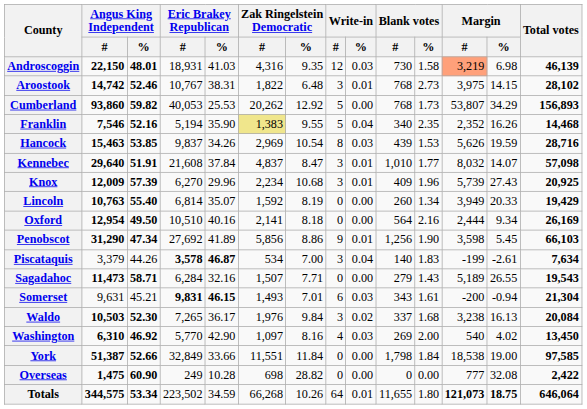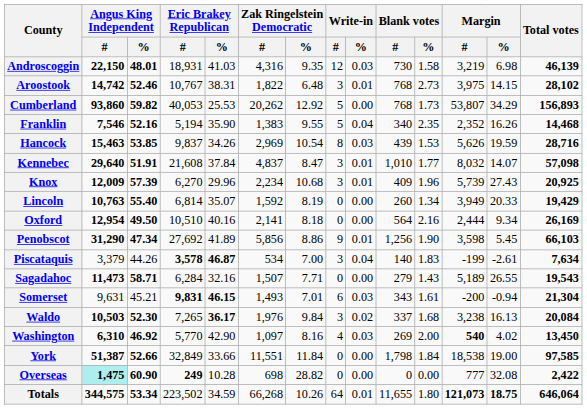 <table class="wikitable sortable" style="text-align:right">
 <tr>
 <th rowspan="2">County</th>
 <th colspan="2"><a href='#'>Angus King</a><br><a href='#'>Independent</a></th>
 <th colspan="2"><a href='#'>Eric Brakey</a><br><a href='#'>Republican</a></th>
 <th colspan="2">Zak Ringelstein<br><a href='#'>Democratic</a></th>
 <th colspan="2">Write-in</th>
 <th colspan="2">Blank votes</th>
 <th colspan="2">Margin</th>
 <th rowspan="2">Total votes</th>
 </tr>
 <tr>
 <th data-sort-type="number" style="text-align:center;">#</th>
 <th data-sort-type="number" style="text-align:center;">%</th>
 <th data-sort-type="number" style="text-align:center;">#</th>
 <th data-sort-type="number" style="text-align:center;">%</th>
 <th data-sort-type="number" style="text-align:center;">#</th>
 <th data-sort-type="number" style="text-align:center;">%</th>
 <th data-sort-type="number" style="text-align:center;">#</th>
 <th data-sort-type="number" style="text-align:center;">%</th>
 <th data-sort-type="number" style="text-align:center;">#</th>
 <th data-sort-type="number" style="text-align:center;">%</th>
 <th data-sort-type="number" style="text-align:center;">#</th>
 <th data-sort-type="number" style="text-align:center;">%</th>
 </tr>
 <tr>
 <th><a href='#'>Androscoggin</a></th>
 <td><strong>22,150</strong></td>
 <td><strong>48.01</strong></td>
 <td>18,931</td>
 <td>41.03</td>
 <td>4,316</td>
 <td>9.35</td>
 <td>12</td>
 <td>0.03</td>
 <td>730</td>
 <td>1.58</td>
-<td style="background: lightsalmon;">3,219</td>
+<td>3,219</td>
 <td>6.98</td>
 <td><strong>46,139</strong></td>
 </tr>
 <tr>
 <th><a href='#'>Aroostook</a></th>
 <td><strong>14,742</strong></td>
 <td><strong>52.46</strong></td>
 <td>10,767</td>
 <td>38.31</td>
 <td>1,822</td>
 <td>6.48</td>
 <td>3</td>
 <td>0.01</td>
 <td>768</td>
 <td>2.73</td>
 <td>3,975</td>
 <td>14.15</td>
 <td><strong>28,102</strong></td>
 </tr>
 <tr>
 <th><a href='#'>Cumberland</a></th>
 <td><strong>93,860</strong></td>
 <td><strong>59.82</strong></td>
 <td>40,053</td>
 <td>25.53</td>
 <td>20,262</td>
 <td>12.92</td>
 <td>5</td>
 <td>0.00</td>
 <td>768</td>
 <td>1.73</td>
 <td>53,807</td>
 <td>34.29</td>
 <td><strong>156,893</strong></td>
 </tr>
 <tr>
 <th><a href='#'>Franklin</a></th>
 <td><strong>7,546</strong></td>
 <td><strong>52.16</strong></td>
 <td>5,194</td>
 <td>35.90</td>
-<td style="background: khaki;">1,383</td>
+<td>1,383</td>
 <td>9.55</td>
 <td>5</td>
 <td>0.04</td>
 <td>340</td>
 <td>2.35</td>
 <td>2,352</td>
 <td>16.26</td>
 <td><strong>14,468</strong></td>
 </tr>
 <tr>
 <th><a href='#'>Hancock</a></th>
 <td><strong>15,463</strong></td>
 <td><strong>53.85</strong></td>
 <td>9,837</td>
 <td>34.26</td>
 <td>2,969</td>
 <td>10.54</td>
 <td>8</td>
 <td>0.03</td>
 <td>439</td>
 <td>1.53</td>
 <td>5,626</td>
 <td>19.59</td>
 <td><strong>28,716</strong></td>
 </tr>
 <tr>
 <th><a href='#'>Kennebec</a></th>
 <td><strong>29,640</strong></td>
 <td><strong>51.91</strong></td>
 <td>21,608</td>
 <td>37.84</td>
 <td>4,837</td>
 <td>8.47</td>
 <td>3</td>
 <td>0.01</td>
 <td>1,010</td>
 <td>1.77</td>
 <td>8,032</td>
 <td>14.07</td>
 <td><strong>57,098</strong></td>
 </tr>
 <tr>
 <th><a href='#'>Knox</a></th>
 <td><strong>12,009</strong></td>
 <td><strong>57.39</strong></td>
 <td>6,270</td>
 <td>29.96</td>
 <td>2,234</td>
 <td>10.68</td>
 <td>3</td>
 <td>0.01</td>
 <td>409</td>
 <td>1.96</td>
 <td>5,739</td>
 <td>27.43</td>
 <td><strong>20,925</strong></td>
 </tr>
 <tr>
 <th><a href='#'>Lincoln</a></th>
 <td><strong>10,763</strong></td>
 <td><strong>55.40</strong></td>
 <td>6,814</td>
 <td>35.07</td>
 <td>1,592</td>
 <td>8.19</td>
 <td>0</td>
 <td>0.00</td>
 <td>260</td>
 <td>1.34</td>
 <td>3,949</td>
 <td>20.33</td>
 <td><strong>19,429</strong></td>
 </tr>
 <tr>
 <th><a href='#'>Oxford</a></th>
 <td><strong>12,954</strong></td>
 <td><strong>49.50</strong></td>
 <td>10,510</td>
 <td>40.16</td>
 <td>2,141</td>
 <td>8.18</td>
 <td>0</td>
 <td>0.00</td>
 <td>564</td>
 <td>2.16</td>
 <td>2,444</td>
 <td>9.34</td>
 <td><strong>26,169</strong></td>
 </tr>
 <tr>
 <th><a href='#'>Penobscot</a></th>
 <td><strong>31,290</strong></td>
 <td><strong>47.34</strong></td>
 <td>27,692</td>
 <td>41.89</td>
 <td>5,856</td>
 <td>8.86</td>
 <td>9</td>
 <td>0.01</td>
 <td>1,256</td>
 <td>1.90</td>
 <td>3,598</td>
 <td>5.45</td>
 <td><strong>66,103</strong></td>
 </tr>
 <tr>
 <th><a href='#'>Piscataquis</a></th>
 <td>3,379</td>
 <td>44.26</td>
 <td><strong>3,578</strong></td>
 <td><strong>46.87</strong></td>
 <td>534</td>
 <td>7.00</td>
 <td>3</td>
 <td>0.04</td>
 <td>140</td>
 <td>1.83</td>
 <td>-199</td>
 <td>-2.61</td>
 <td><strong>7,634</strong></td>
 </tr>
 <tr>
 <th><a href='#'>Sagadahoc</a></th>
 <td><strong>11,473</strong></td>
 <td><strong>58.71</strong></td>
 <td>6,284</td>
 <td>32.16</td>
 <td>1,507</td>
 <td>7.71</td>
 <td>0</td>
 <td>0.00</td>
 <td>279</td>
 <td>1.43</td>
 <td>5,189</td>
 <td>26.55</td>
 <td><strong>19,543</strong></td>
 </tr>
 <tr>
 <th><a href='#'>Somerset</a></th>
 <td>9,631</td>
 <td>45.21</td>
 <td><strong>9,831</strong></td>
 <td><strong>46.15</strong></td>
 <td>1,493</td>
 <td>7.01</td>
 <td>6</td>
 <td>0.03</td>
 <td>343</td>
 <td>1.61</td>
 <td>-200</td>
 <td>-0.94</td>
 <td><strong>21,304</strong></td>
 </tr>
 <tr>
 <th><a href='#'>Waldo</a></th>
 <td><strong>10,503</strong></td>
 <td><strong>52.30</strong></td>
 <td>7,265</td>
-<td>36.17</td>
+<td><strong>36.17</strong></td>
 <td>1,976</td>
 <td>9.84</td>
 <td>3</td>
 <td>0.02</td>
 <td>337</td>
 <td>1.68</td>
 <td>3,238</td>
 <td>16.13</td>
 <td><strong>20,084</strong></td>
 </tr>
 <tr>
 <th><a href='#'>Washington</a></th>
 <td><strong>6,310</strong></td>
 <td><strong>46.92</strong></td>
 <td>5,770</td>
 <td>42.90</td>
 <td>1,097</td>
 <td>8.16</td>
 <td>4</td>
 <td>0.03</td>
 <td>269</td>
 <td>2.00</td>
-<td>540</td>
+<td><strong>540</strong></td>
 <td>4.02</td>
 <td><strong>13,450</strong></td>
 </tr>
 <tr>
 <th><a href='#'>York</a></th>
 <td><strong>51,387</strong></td>
 <td><strong>52.66</strong></td>
 <td>32,849</td>
 <td>33.66</td>
 <td>11,551</td>
 <td>11.84</td>
 <td>0</td>
 <td>0.00</td>
 <td>1,798</td>
 <td>1.84</td>
 <td>18,538</td>
 <td>19.00</td>
 <td><strong>97,585</strong></td>
 </tr>
 <tr>
 <th><a href='#'>Overseas</a></th>
-<td><strong>1,475</strong></td>
+<td style="background: paleturquoise;"><strong>1,475</strong></td>
 <td><strong>60.90</strong></td>
-<td>249</td>
+<td><strong>249</strong></td>
 <td>10.28</td>
 <td>698</td>
 <td>28.82</td>
 <td>0</td>
 <td>0.00</td>
 <td>0</td>
 <td>0.00</td>
 <td>777</td>
 <td>32.08</td>
 <td><strong>2,422</strong></td>
 </tr>
 <tr>
 <th class=sortbottom>Totals</th>
 <td><strong>344,575</strong></td>
 <td><strong>53.34</strong></td>
 <td>223,502</td>
 <td>34.59</td>
 <td>66,268</td>
 <td>10.26</td>
 <td>64</td>
 <td>0.01</td>
 <td>11,655</td>
 <td>1.80</td>
 <td><strong>121,073</strong></td>
 <td><strong>18.75</strong></td>
 <td><strong>646,064</strong></td>
 </tr>
 </table>
